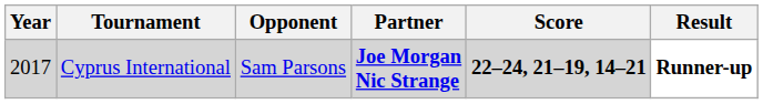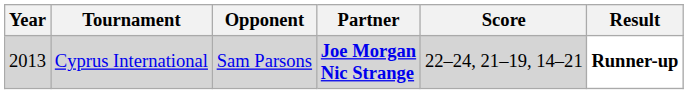 <table class="sortable wikitable" style="font-size: 90%;">
 <tr>
 <th>Year</th>
 <th>Tournament</th>
 <th>Opponent</th>
 <th>Partner</th>
 <th>Score</th>
 <th>Result</th>
 </tr>
 <tr style="background:#D5D5D5">
-<td align="center">2017</td>
+<td align="center">2013</td>
 <td align="left"><a href='#'>Cyprus International</a></td>
 <td align="left"> <a href='#'>Sam Parsons</a></td>
 <td align="left"><strong> <a href='#'>Joe Morgan</a> <br>  <a href='#'>Nic Strange</a></strong></td>
-<td align="left"><strong>22–24, 21–19, 14–21</strong></td>
+<td align="left">22–24, 21–19, 14–21</td>
 <td style="text-a lign:left; background:white"> <strong>Runner-up</strong></td>
 </tr>
 </table>
